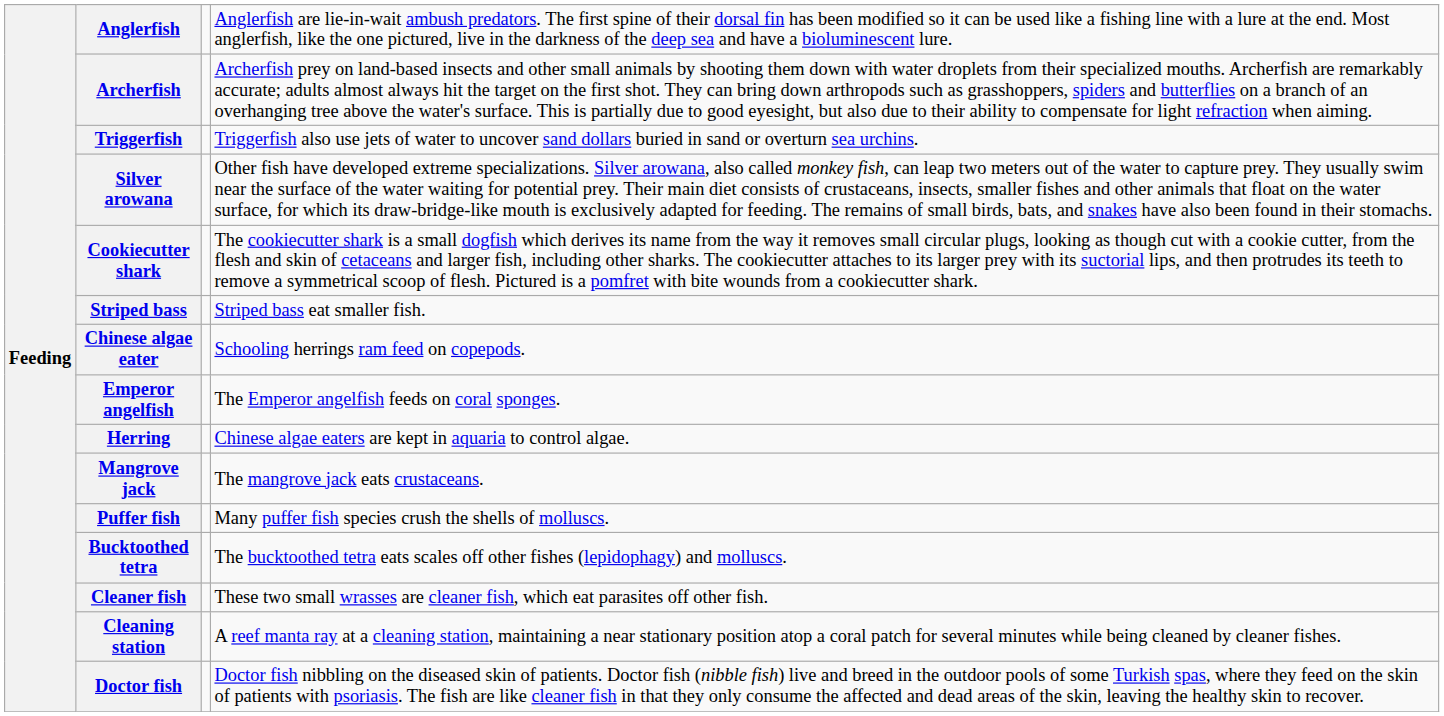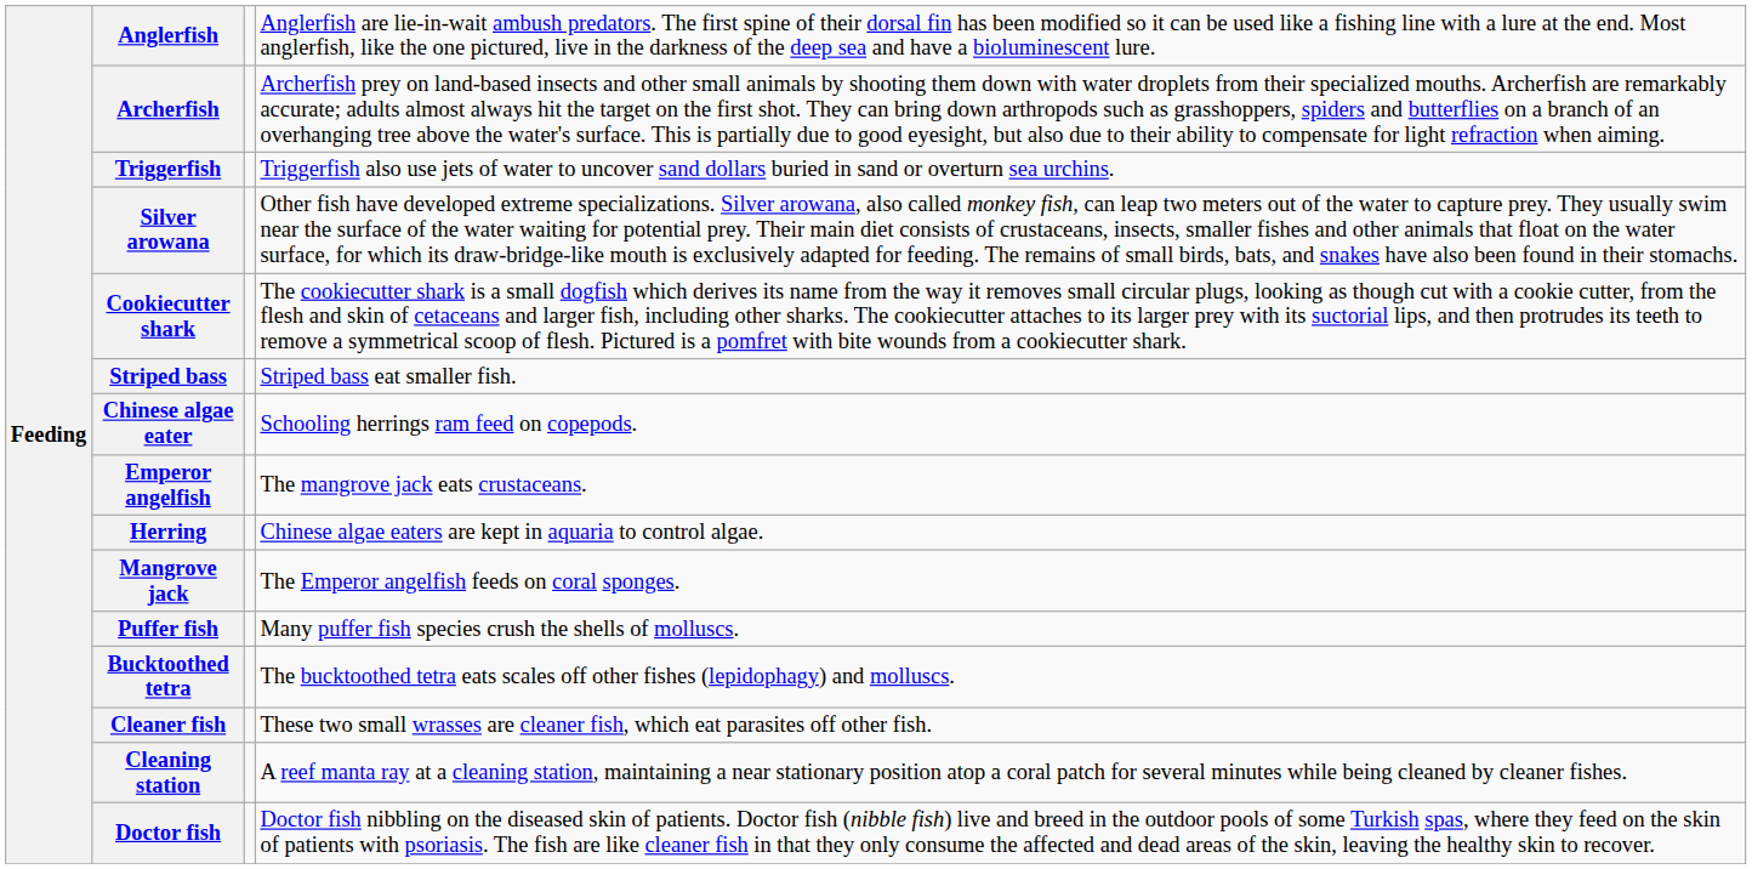 <table class="wikitable">
 <tr>
 <th rowspan=15 width=50px style="background:">Feeding</th>
 <th><a href='#'>Anglerfish</a></th>
 <td></td>
 <td><a href='#'>Anglerfish</a> are lie-in-wait <a href='#'>ambush predators</a>. The first spine of their <a href='#'>dorsal fin</a> has been modified so it can be used like a fishing line with a lure at the end. Most anglerfish, like the one pictured, live in the darkness of the <a href='#'>deep sea</a> and have a <a href='#'>bioluminescent</a> lure.</td>
 </tr>
 <tr>
 <th><a href='#'>Archerfish</a></th>
 <td></td>
 <td><a href='#'>Archerfish</a> prey on land-based insects and other small animals by shooting them down with water droplets from their specialized mouths. Archerfish are remarkably accurate; adults almost always hit the target on the first shot. They can bring down arthropods such as grasshoppers, <a href='#'>spiders</a> and <a href='#'>butterflies</a> on a branch of an overhanging tree  above the water's surface. This is partially due to good eyesight, but also due to their ability to compensate for light <a href='#'>refraction</a> when aiming.</td>
 </tr>
 <tr>
 <th><a href='#'>Triggerfish</a></th>
 <td></td>
 <td><a href='#'>Triggerfish</a> also use jets of water to uncover <a href='#'>sand dollars</a> buried in sand or overturn <a href='#'>sea urchins</a>.</td>
 </tr>
 <tr>
 <th><a href='#'>Silver arowana</a></th>
 <td></td>
 <td>Other fish have developed extreme specializations. <a href='#'>Silver arowana</a>, also called <em>monkey fish</em>, can leap two meters out of the water to capture prey. They usually swim near the surface of the water waiting for potential prey. Their main diet consists of crustaceans, insects, smaller fishes and other animals that float on the water surface, for which its draw-bridge-like mouth is exclusively adapted for feeding. The remains of small birds, bats, and <a href='#'>snakes</a> have also been found in their stomachs.</td>
 </tr>
 <tr>
 <th><a href='#'>Cookiecutter shark</a></th>
 <td></td>
 <td>The <a href='#'>cookiecutter shark</a> is a small <a href='#'>dogfish</a> which derives its name from the way it removes small circular plugs, looking as though cut with a cookie cutter, from the flesh and skin of <a href='#'>cetaceans</a> and larger fish, including other sharks. The cookiecutter attaches to its larger prey with its <a href='#'>suctorial</a> lips, and then protrudes its teeth to remove a symmetrical scoop of flesh. Pictured is a <a href='#'>pomfret</a> with bite wounds from a cookiecutter shark.</td>
 </tr>
 <tr>
 <th><a href='#'>Striped bass</a></th>
 <td></td>
 <td><a href='#'>Striped bass</a> eat smaller fish.</td>
 </tr>
 <tr>
 <th><a href='#'>Chinese algae eater</a></th>
 <td></td>
 <td><a href='#'>Schooling</a> herrings <a href='#'>ram feed</a> on <a href='#'>copepods</a>.</td>
 </tr>
 <tr>
 <th><a href='#'>Emperor angelfish</a></th>
 <td></td>
-<td>The <a href='#'>Emperor angelfish</a> feeds on <a href='#'>coral</a> <a href='#'>sponges</a>.</td>
+<td>The <a href='#'>mangrove jack</a> eats <a href='#'>crustaceans</a>.</td>
 </tr>
 <tr>
 <th><a href='#'>Herring</a></th>
 <td></td>
 <td><a href='#'>Chinese algae eaters</a> are kept in <a href='#'>aquaria</a> to control algae.</td>
 </tr>
 <tr>
 <th><a href='#'>Mangrove jack</a></th>
 <td></td>
-<td>The <a href='#'>mangrove jack</a> eats <a href='#'>crustaceans</a>.</td>
+<td>The <a href='#'>Emperor angelfish</a> feeds on <a href='#'>coral</a> <a href='#'>sponges</a>.</td>
 </tr>
 <tr>
 <th><a href='#'>Puffer fish</a></th>
 <td></td>
 <td>Many <a href='#'>puffer fish</a> species crush the shells of <a href='#'>molluscs</a>.</td>
 </tr>
 <tr>
 <th><a href='#'>Bucktoothed tetra</a></th>
 <td></td>
 <td>The <a href='#'>bucktoothed tetra</a> eats scales off other fishes (<a href='#'>lepidophagy</a>) and <a href='#'>molluscs</a>.</td>
 </tr>
 <tr>
 <th><a href='#'>Cleaner fish</a></th>
 <td></td>
 <td>These two small <a href='#'>wrasses</a> are <a href='#'>cleaner fish</a>, which eat parasites off other fish.</td>
 </tr>
 <tr>
 <th><a href='#'>Cleaning station</a></th>
 <td></td>
 <td>A <a href='#'>reef manta ray</a> at a <a href='#'>cleaning station</a>, maintaining a near stationary position atop a coral patch for several minutes while being cleaned by cleaner fishes.</td>
 </tr>
 <tr>
 <th><a href='#'>Doctor fish</a></th>
 <td></td>
 <td><a href='#'>Doctor fish</a> nibbling on the diseased skin of patients. Doctor fish (<em>nibble fish</em>) live and breed in the outdoor pools of some <a href='#'>Turkish</a> <a href='#'>spas</a>, where they feed on the skin of patients with <a href='#'>psoriasis</a>. The fish are like <a href='#'>cleaner fish</a> in that they only consume the affected and dead areas of the skin, leaving the healthy skin to recover.</td>
 </tr>
 </table>
